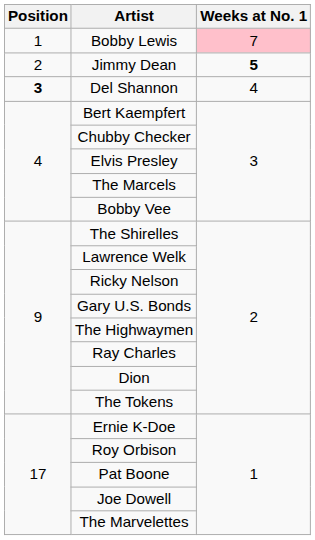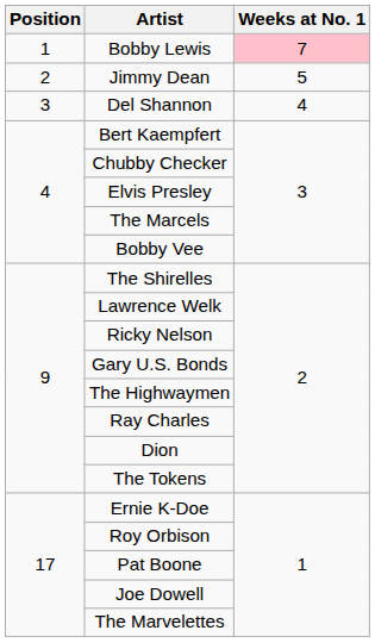 <table class="wikitable plainrowheaders" style="text-align:center;">
 <tr>
 <th>Position</th>
 <th>Artist</th>
 <th>Weeks at No. 1</th>
 </tr>
 <tr>
 <td>1</td>
 <td>Bobby Lewis</td>
 <td style="background: pink;">7</td>
 </tr>
 <tr>
 <td>2</td>
 <td>Jimmy Dean</td>
-<td><strong>5</strong></td>
+<td>5</td>
 </tr>
 <tr>
-<td><strong>3</strong></td>
+<td>3</td>
 <td>Del Shannon</td>
 <td>4</td>
 </tr>
 <tr>
 <td rowspan=5>4</td>
 <td>Bert Kaempfert</td>
 <td rowspan=5>3</td>
 </tr>
 <tr>
 <td>Chubby Checker</td>
 </tr>
 <tr>
 <td>Elvis Presley</td>
 </tr>
 <tr>
 <td>The Marcels</td>
 </tr>
 <tr>
 <td>Bobby Vee</td>
 </tr>
 <tr>
 <td rowspan=8>9</td>
 <td>The Shirelles</td>
 <td rowspan=8>2</td>
 </tr>
 <tr>
 <td>Lawrence Welk</td>
 </tr>
 <tr>
 <td>Ricky Nelson</td>
 </tr>
 <tr>
 <td>Gary U.S. Bonds</td>
 </tr>
 <tr>
 <td>The Highwaymen</td>
 </tr>
 <tr>
 <td>Ray Charles</td>
 </tr>
 <tr>
 <td>Dion</td>
 </tr>
 <tr>
 <td>The Tokens</td>
 </tr>
 <tr>
 <td rowspan=5>17</td>
 <td>Ernie K-Doe</td>
 <td rowspan=5>1</td>
 </tr>
 <tr>
 <td>Roy Orbison</td>
 </tr>
 <tr>
 <td>Pat Boone</td>
 </tr>
 <tr>
 <td>Joe Dowell</td>
 </tr>
 <tr>
 <td>The Marvelettes</td>
 </tr>
 </table>
